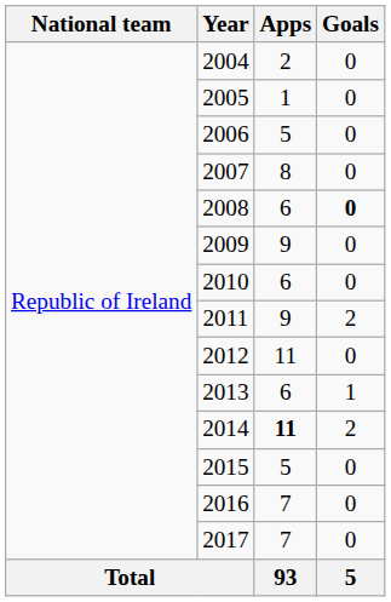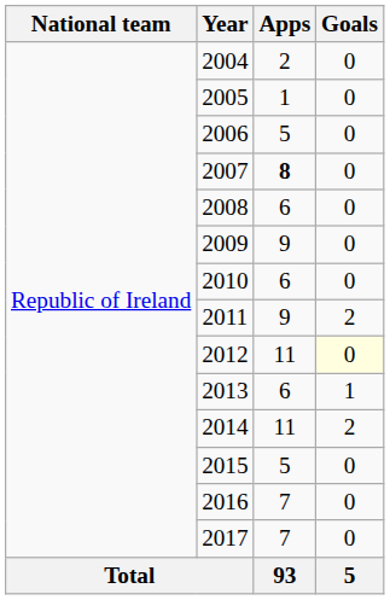 <table class="wikitable" style="text-align:center">
 <tr>
 <th>National team</th>
 <th>Year</th>
 <th>Apps</th>
 <th>Goals</th>
 </tr>
 <tr>
 <td rowspan="14"><a href='#'>Republic of Ireland</a></td>
 <td>2004</td>
 <td>2</td>
 <td>0</td>
 </tr>
 <tr>
 <td>2005</td>
 <td>1</td>
 <td>0</td>
 </tr>
 <tr>
 <td>2006</td>
 <td>5</td>
 <td>0</td>
 </tr>
 <tr>
 <td>2007</td>
-<td>8</td>
+<td><strong>8</strong></td>
 <td>0</td>
 </tr>
 <tr>
 <td>2008</td>
 <td>6</td>
-<td><strong>0</strong></td>
+<td>0</td>
 </tr>
 <tr>
 <td>2009</td>
 <td>9</td>
 <td>0</td>
 </tr>
 <tr>
 <td>2010</td>
 <td>6</td>
 <td>0</td>
 </tr>
 <tr>
 <td>2011</td>
 <td>9</td>
 <td>2</td>
 </tr>
 <tr>
 <td>2012</td>
 <td>11</td>
-<td>0</td>
+<td style="background: lightyellow;">0</td>
 </tr>
 <tr>
 <td>2013</td>
 <td>6</td>
 <td>1</td>
 </tr>
 <tr>
 <td>2014</td>
-<td><strong>11</strong></td>
+<td>11</td>
 <td>2</td>
 </tr>
 <tr>
 <td>2015</td>
 <td>5</td>
 <td>0</td>
 </tr>
 <tr>
 <td>2016</td>
 <td>7</td>
 <td>0</td>
 </tr>
 <tr>
 <td>2017</td>
 <td>7</td>
 <td>0</td>
 </tr>
 <tr>
 <th colspan="2">Total</th>
 <th>93</th>
 <th>5</th>
 </tr>
 </table>
